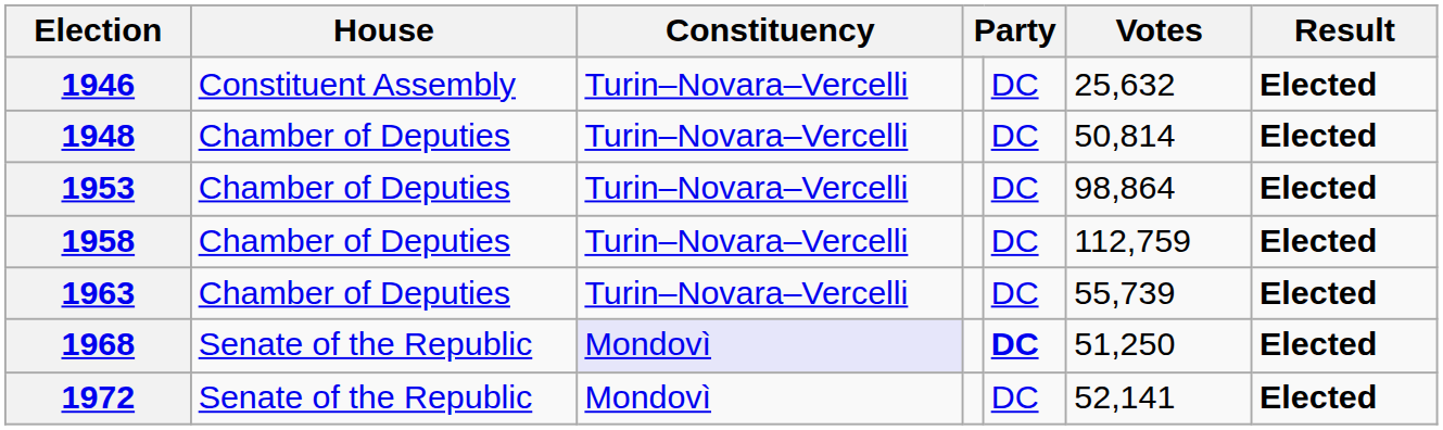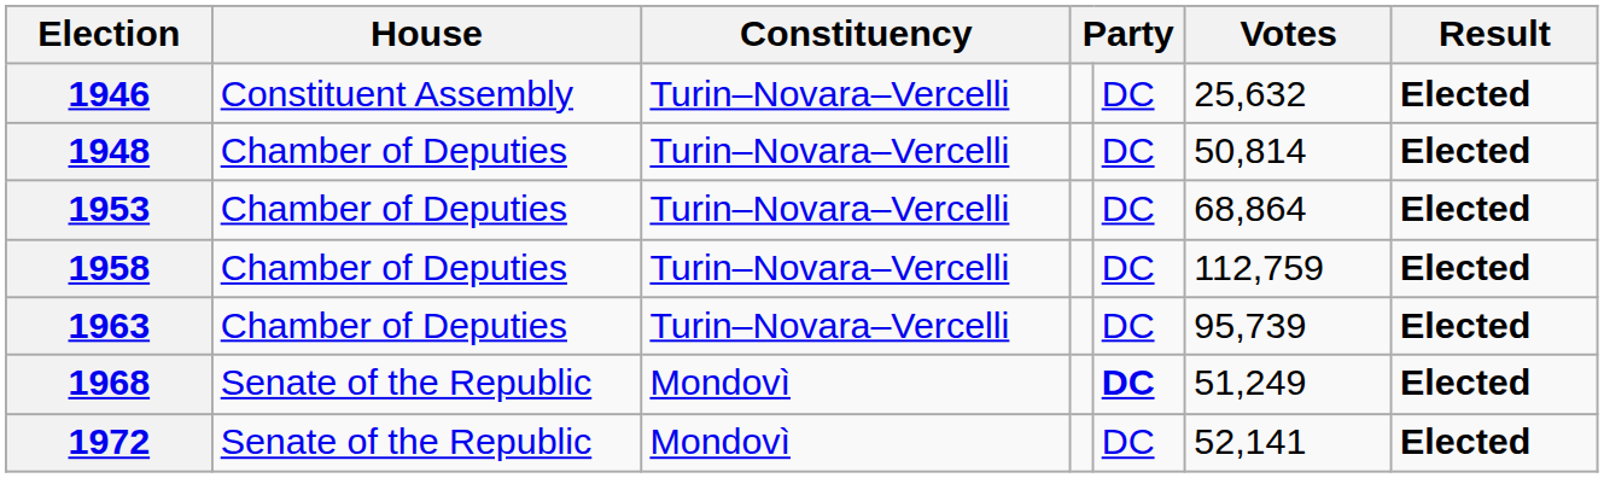 <table class=wikitable style="width:55%; border:1px #AAAAFF solid">
 <tr>
 <th width=12%>Election</th>
 <th width=25%>House</th>
 <th width=25%>Constituency</th>
 <th width=5% colspan="2">Party</th>
 <th width=12%>Votes</th>
 <th width=12%>Result</th>
 </tr>
 <tr>
 <th><a href='#'>1946</a></th>
 <td><a href='#'>Constituent Assembly</a></td>
 <td><a href='#'>Turin–Novara–Vercelli</a></td>
 <td></td>
 <td><a href='#'>DC</a></td>
 <td>25,632</td>
 <td> <strong>Elected</strong></td>
 </tr>
 <tr>
 <th><a href='#'>1948</a></th>
 <td><a href='#'>Chamber of Deputies</a></td>
 <td><a href='#'>Turin–Novara–Vercelli</a></td>
 <td></td>
 <td><a href='#'>DC</a></td>
 <td>50,814</td>
 <td> <strong>Elected</strong></td>
 </tr>
 <tr>
 <th><a href='#'>1953</a></th>
 <td><a href='#'>Chamber of Deputies</a></td>
 <td><a href='#'>Turin–Novara–Vercelli</a></td>
 <td></td>
 <td><a href='#'>DC</a></td>
-<td>98,864</td>
+<td>68,864</td>
 <td> <strong>Elected</strong></td>
 </tr>
 <tr>
 <th><a href='#'>1958</a></th>
 <td><a href='#'>Chamber of Deputies</a></td>
 <td><a href='#'>Turin–Novara–Vercelli</a></td>
 <td></td>
 <td><a href='#'>DC</a></td>
 <td>112,759</td>
 <td> <strong>Elected</strong></td>
 </tr>
 <tr>
 <th><a href='#'>1963</a></th>
 <td><a href='#'>Chamber of Deputies</a></td>
 <td><a href='#'>Turin–Novara–Vercelli</a></td>
 <td></td>
 <td><a href='#'>DC</a></td>
-<td>55,739</td>
+<td>95,739</td>
 <td> <strong>Elected</strong></td>
 </tr>
 <tr>
 <th><a href='#'>1968</a></th>
 <td><a href='#'>Senate of the Republic</a></td>
-<td style="background: lavender;"><a href='#'>Mondovì</a></td>
+<td><a href='#'>Mondovì</a></td>
 <td></td>
 <td><strong><a href='#'>DC</a></strong></td>
-<td>51,250</td>
+<td>51,249</td>
 <td> <strong>Elected</strong></td>
 </tr>
 <tr>
 <th><a href='#'>1972</a></th>
 <td><a href='#'>Senate of the Republic</a></td>
 <td><a href='#'>Mondovì</a></td>
 <td></td>
 <td><a href='#'>DC</a></td>
 <td>52,141</td>
 <td> <strong>Elected</strong></td>
 </tr>
 </table>
